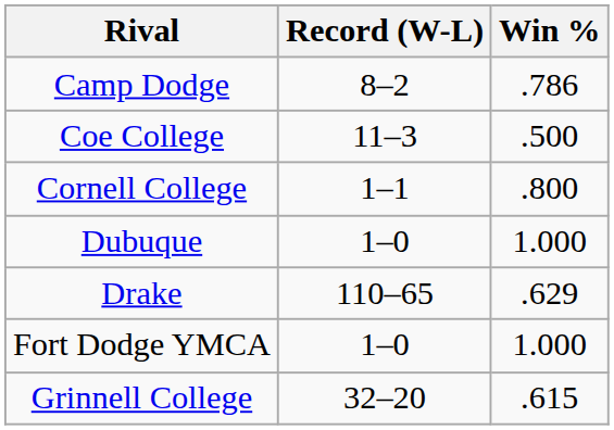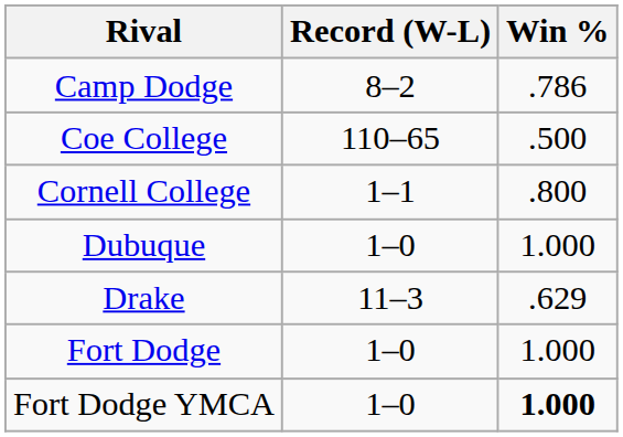 <table class="wikitable" style="text-align: center">
 <tr align=center>
 <th>Rival</th>
 <th>Record (W-L)</th>
 <th>Win %</th>
 </tr>
 <tr>
 <td><a href='#'>Camp Dodge</a></td>
 <td>8–2</td>
 <td>.786</td>
 </tr>
 <tr>
 <td><a href='#'>Coe College</a></td>
-<td>11–3</td>
+<td>110–65</td>
 <td>.500</td>
 </tr>
 <tr>
 <td><a href='#'>Cornell College</a></td>
 <td>1–1</td>
 <td>.800</td>
 </tr>
 <tr>
 <td><a href='#'>Dubuque</a></td>
 <td>1–0</td>
 <td>1.000</td>
 </tr>
 <tr>
 <td><a href='#'>Drake</a></td>
-<td>110–65</td>
+<td>11–3</td>
 <td>.629</td>
+</tr>
+<tr>
+<td><a href='#'>Fort Dodge</a></td>
+<td>1–0</td>
+<td>1.000</td>
 </tr>
 <tr>
 <td>Fort Dodge YMCA</td>
 <td>1–0</td>
-<td>1.000</td>
-</tr>
-<tr>
-<td><a href='#'>Grinnell College</a></td>
-<td>32–20</td>
-<td>.615</td>
+<td><strong>1.000</strong></td>
 </tr>
 </table>
